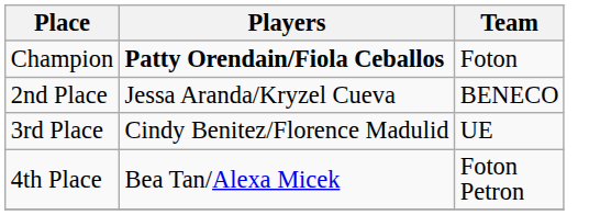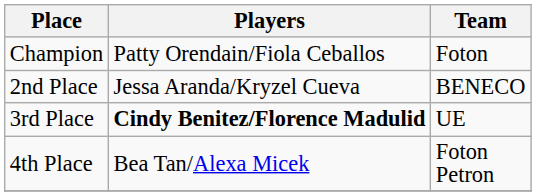 <table class="wikitable" style="text-align:left; line-height:16px; width:auto;">
 <tr>
 <th>Place</th>
 <th>Players</th>
 <th>Team</th>
 </tr>
 <tr>
 <td>Champion</td>
-<td><strong>Patty Orendain/Fiola Ceballos</strong></td>
+<td>Patty Orendain/Fiola Ceballos</td>
 <td>Foton</td>
 </tr>
 <tr>
 <td>2nd Place</td>
 <td>Jessa Aranda/Kryzel Cueva</td>
 <td>BENECO</td>
 </tr>
 <tr>
 <td>3rd Place</td>
-<td>Cindy Benitez/Florence Madulid</td>
+<td><strong>Cindy Benitez/Florence Madulid</strong></td>
 <td>UE</td>
 </tr>
 <tr>
 <td>4th Place</td>
 <td>Bea Tan/<a href='#'>Alexa Micek</a></td>
 <td>Foton<br>Petron</td>
 </tr>
 <tr>
 </tr>
 </table>
